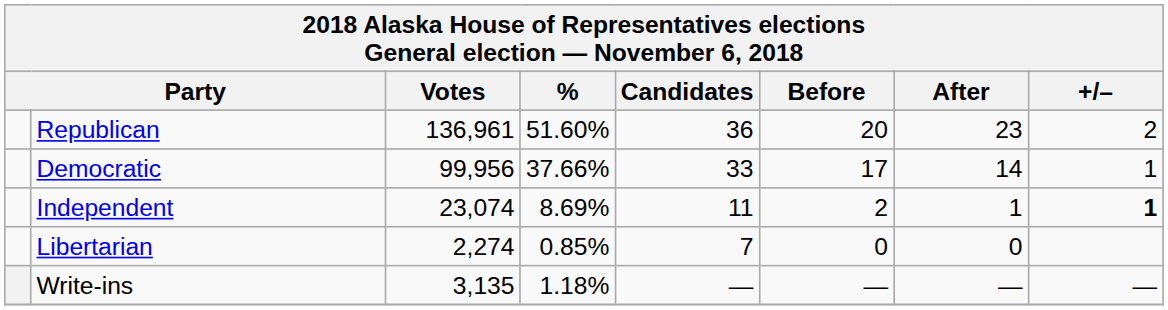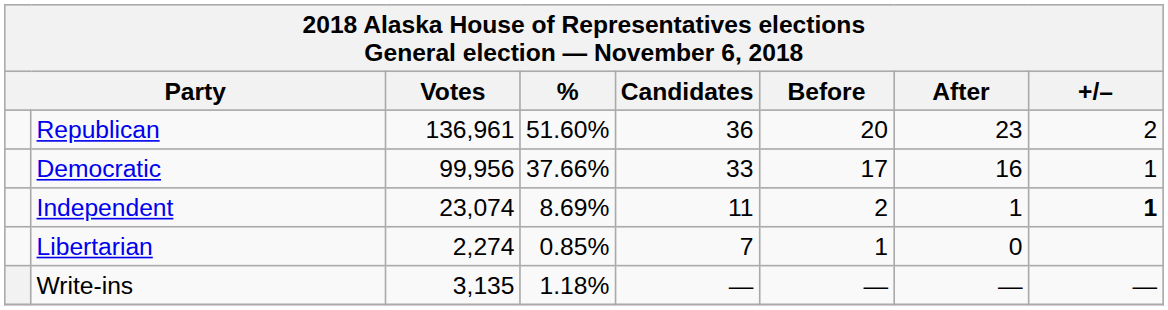 <table class="wikitable" style="font-size:95%;">
 <tr>
 <th colspan="9">2018 Alaska House of Representatives elections<br>General election — November 6, 2018</th>
 </tr>
 <tr>
 <th colspan=2 style="width: 15em">Party</th>
 <th style="width: 5em">Votes</th>
 <th style="width: 3em">%</th>
 <th style="width: 5em">Candidates</th>
 <th style="width: 5em">Before</th>
 <th style="width: 5em">After</th>
 <th style="width: 5em">+/–</th>
 </tr>
 <tr>
 <td style="background:"></td>
 <td style="width: 130px"><a href='#'>Republican</a></td>
 <td align="right">136,961</td>
 <td align="right">51.60%</td>
 <td align="right">36</td>
 <td align="right">20</td>
 <td align="right">23</td>
 <td align="right"> 2</td>
 </tr>
 <tr>
 <td style="background:"></td>
 <td style="width: 130px"><a href='#'>Democratic</a></td>
 <td align="right">99,956</td>
 <td align="right">37.66%</td>
 <td align="right">33</td>
 <td align="right">17</td>
-<td align="right">14</td>
+<td align="right">16</td>
 <td align="right"> 1</td>
 </tr>
 <tr>
 <td style="background:"></td>
 <td style="width: 130px"><a href='#'>Independent</a></td>
 <td align="right">23,074</td>
 <td align="right">8.69%</td>
 <td align="right">11</td>
 <td align="right">2</td>
 <td align="right">1</td>
 <td align="right"><strong> 1</strong></td>
 </tr>
 <tr>
 <td style="background:"></td>
 <td style="width: 130px"><a href='#'>Libertarian</a></td>
 <td align="right">2,274</td>
 <td align="right">0.85%</td>
 <td align="right">7</td>
-<td align="right">0</td>
+<td align="right">1</td>
 <td align="right">0</td>
 <td align="right"></td>
 </tr>
 <tr>
 <th style="background-color:; width: 3px"></th>
 <td style="width: 130px">Write-ins</td>
 <td align="right">3,135</td>
 <td align="right">1.18%</td>
 <td align="right">—</td>
 <td align="right">—</td>
 <td align="right">—</td>
 <td align="right">—</td>
 </tr>
 <tr>
 </tr>
 </table>
